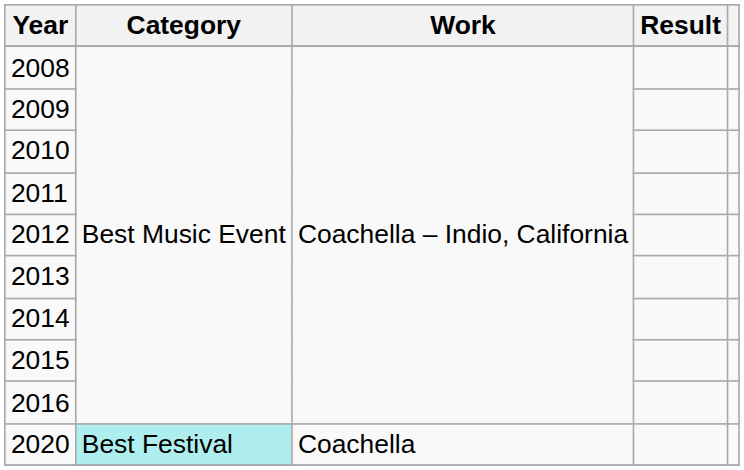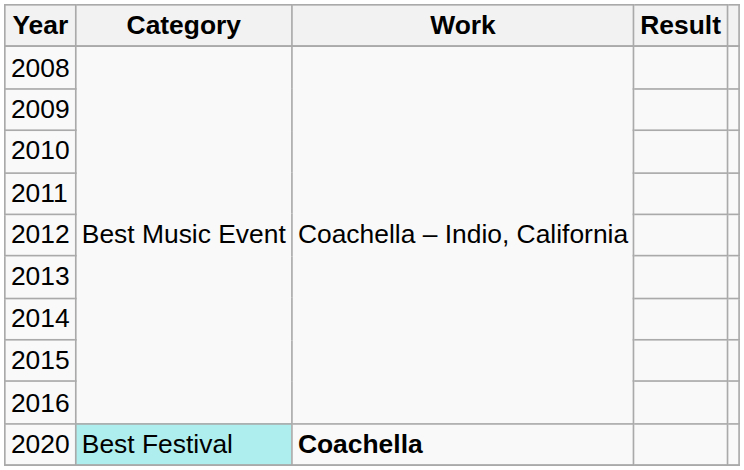 <table class="wikitable">
 <tr>
 <th>Year</th>
 <th>Category</th>
 <th>Work</th>
 <th>Result</th>
 <th></th>
 </tr>
 <tr>
 </tr>
 <tr>
 <td>2008</td>
 <td rowspan="9">Best Music Event</td>
 <td rowspan="9">Coachella – Indio, California</td>
 <td></td>
 <td></td>
 </tr>
 <tr>
 <td>2009</td>
 <td></td>
 <td></td>
 </tr>
 <tr>
 <td>2010</td>
 <td></td>
 <td></td>
 </tr>
 <tr>
 <td>2011</td>
 <td></td>
 <td></td>
 </tr>
 <tr>
 <td>2012</td>
 <td></td>
 <td></td>
 </tr>
 <tr>
 <td>2013</td>
 <td></td>
 <td></td>
 </tr>
 <tr>
 <td>2014</td>
 <td></td>
 <td></td>
 </tr>
 <tr>
 <td>2015</td>
 <td></td>
 <td></td>
 </tr>
 <tr>
 <td>2016</td>
 <td></td>
 <td></td>
 </tr>
 <tr>
 <td>2020</td>
 <td rowspan="1" style="background: paleturquoise;">Best Festival</td>
-<td rowspan="1">Coachella</td>
+<td rowspan="1"><strong>Coachella</strong></td>
 <td></td>
 <td></td>
 </tr>
 <tr>
 </tr>
 </table>
